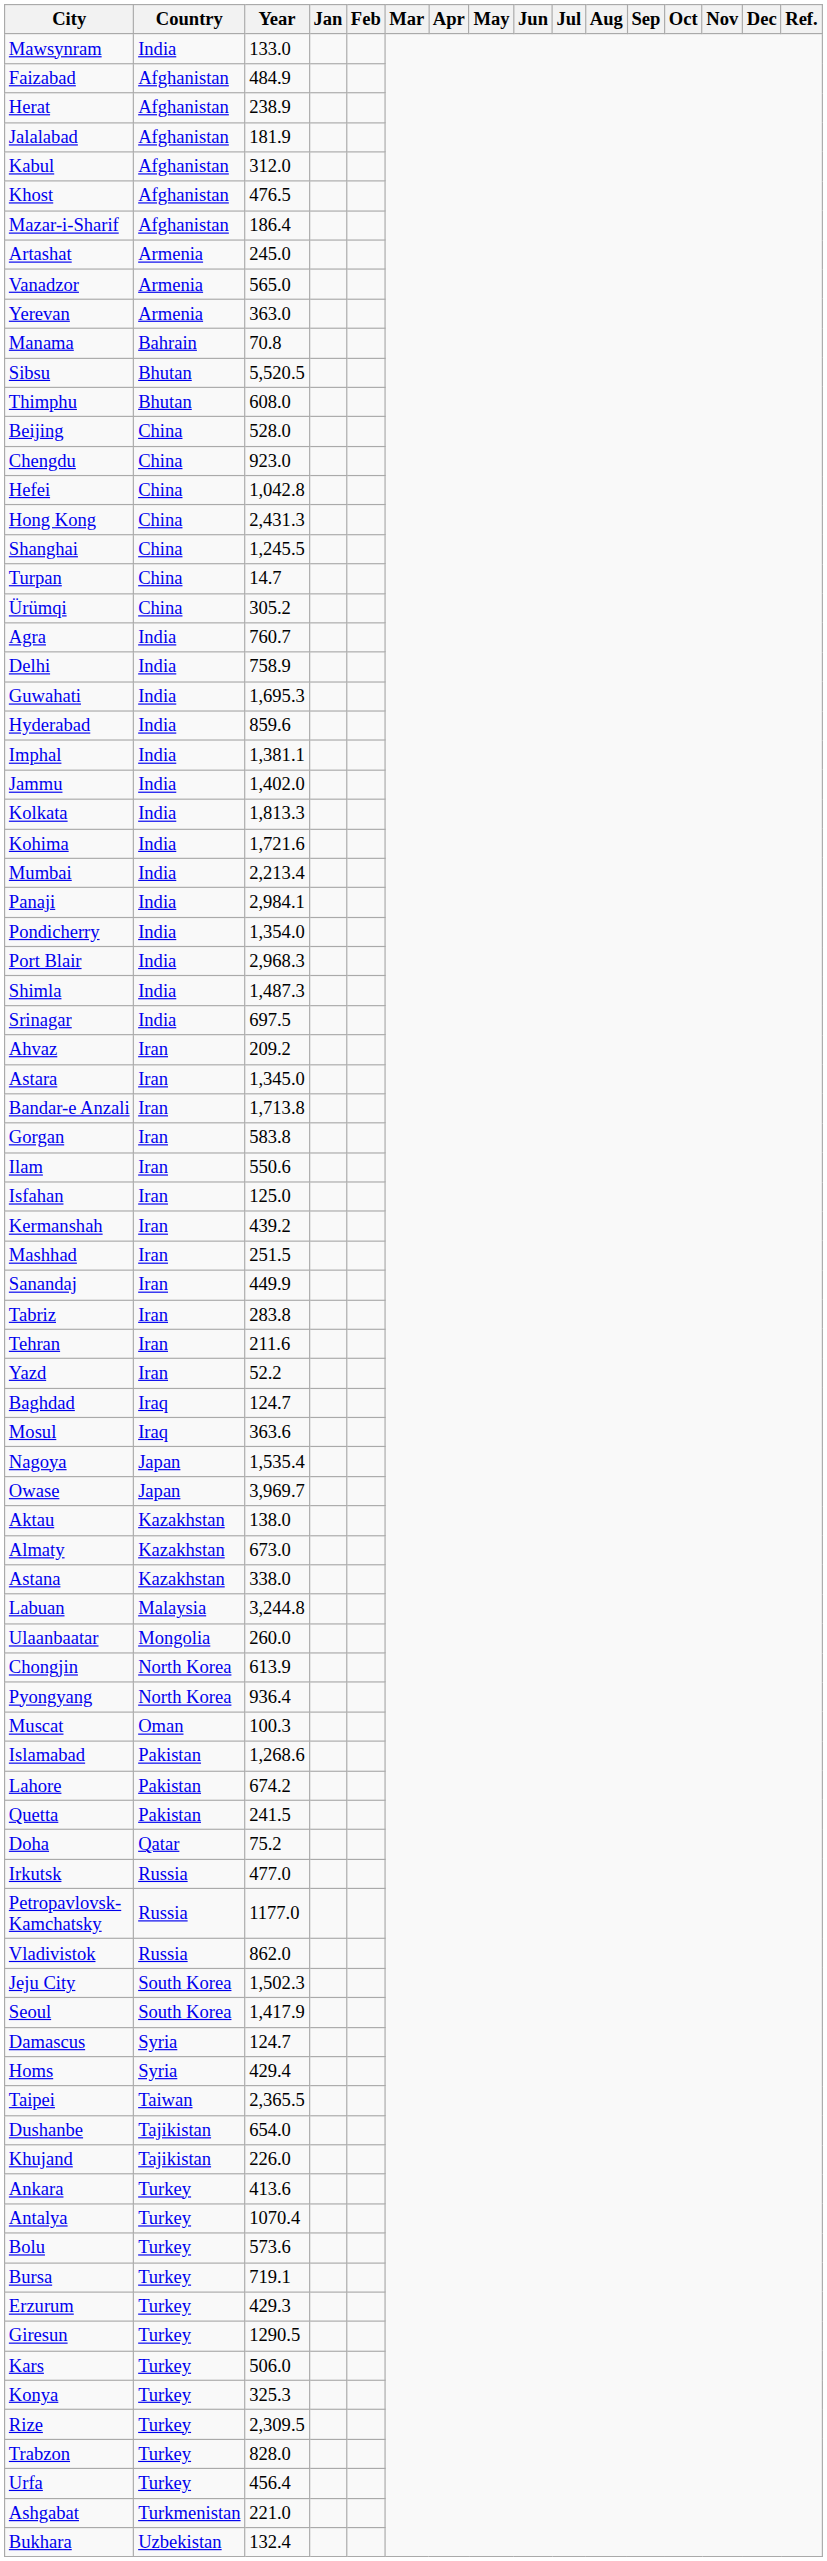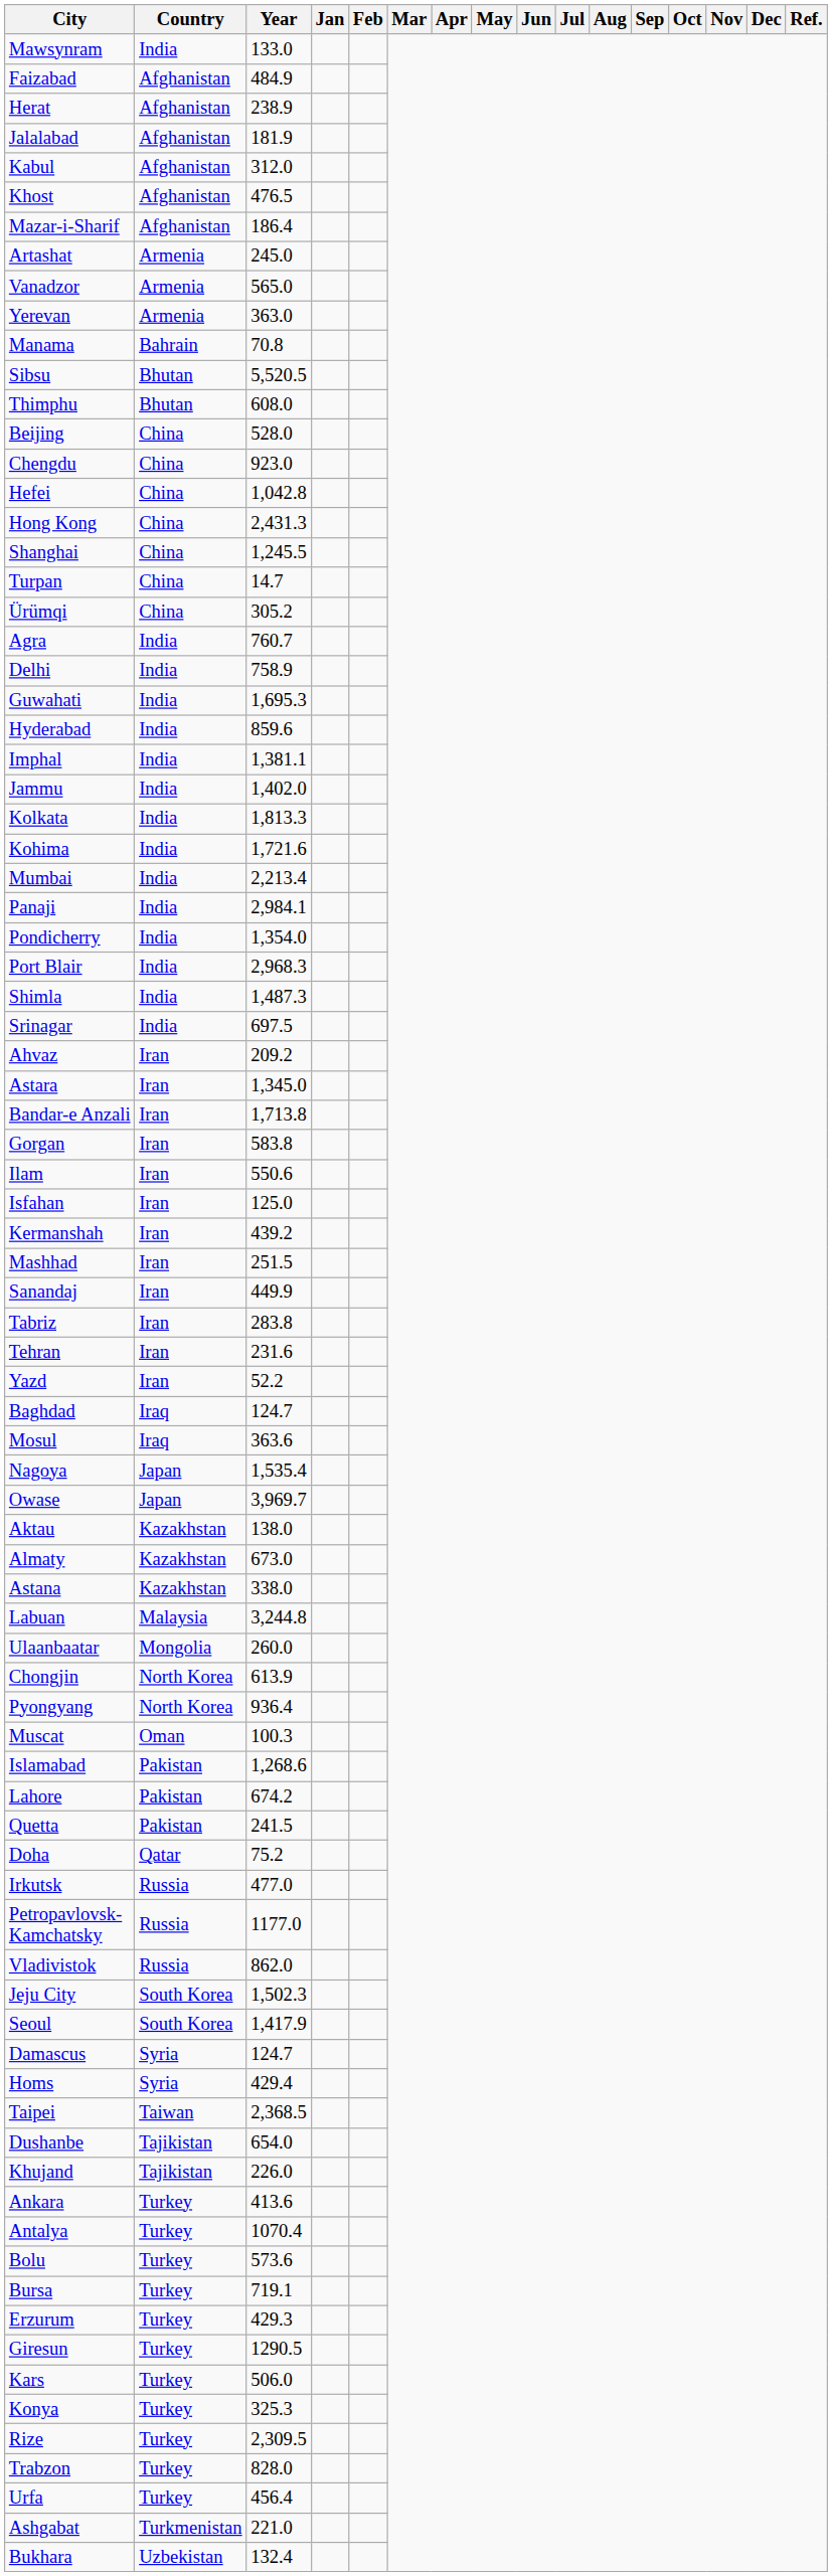 <table class="wikitable sortable sticky-header sort-under col1left col2left col16center" >
 <tr style="vertical-align:top">
 <th>City</th>
 <th>Country</th>
 <th>Year</th>
 <th>Jan</th>
 <th>Feb</th>
 <th>Mar</th>
 <th>Apr</th>
 <th>May</th>
 <th>Jun</th>
 <th>Jul</th>
 <th>Aug</th>
 <th>Sep</th>
 <th>Oct</th>
 <th>Nov</th>
 <th>Dec</th>
 <th>Ref.</th>
 </tr>
 <tr>
 <td><a href='#'>Mawsynram</a></td>
 <td><a href='#'>India</a></td>
 <td>133.0</td>
 <td></td>
 <td></td>
 </tr>
 <tr>
 <td><a href='#'>Faizabad</a></td>
 <td><a href='#'>Afghanistan</a></td>
 <td>484.9</td>
 <td></td>
 <td></td>
 </tr>
 <tr>
 <td><a href='#'>Herat</a></td>
 <td><a href='#'>Afghanistan</a></td>
 <td>238.9</td>
 <td></td>
 <td></td>
 </tr>
 <tr>
 <td><a href='#'>Jalalabad</a></td>
 <td><a href='#'>Afghanistan</a></td>
 <td>181.9</td>
 <td></td>
 <td></td>
 </tr>
 <tr>
 <td><a href='#'>Kabul</a></td>
 <td><a href='#'>Afghanistan</a></td>
 <td>312.0</td>
 <td></td>
 <td></td>
 </tr>
 <tr>
 <td><a href='#'>Khost</a></td>
 <td><a href='#'>Afghanistan</a></td>
 <td>476.5</td>
 <td></td>
 <td></td>
 </tr>
 <tr>
 <td><a href='#'>Mazar-i-Sharif</a></td>
 <td><a href='#'>Afghanistan</a></td>
 <td>186.4</td>
 <td></td>
 <td></td>
 </tr>
 <tr>
 <td><a href='#'>Artashat</a></td>
 <td><a href='#'>Armenia</a></td>
 <td>245.0</td>
 <td></td>
 <td></td>
 </tr>
 <tr>
 <td><a href='#'>Vanadzor</a></td>
 <td><a href='#'>Armenia</a></td>
 <td>565.0</td>
 <td></td>
 <td></td>
 </tr>
 <tr>
 <td><a href='#'>Yerevan</a></td>
 <td><a href='#'>Armenia</a></td>
 <td>363.0</td>
 <td></td>
 <td></td>
 </tr>
 <tr>
 <td><a href='#'>Manama</a></td>
 <td><a href='#'>Bahrain</a></td>
 <td>70.8</td>
 <td></td>
 <td></td>
 </tr>
 <tr>
 <td><a href='#'>Sibsu</a></td>
 <td><a href='#'>Bhutan</a></td>
 <td>5,520.5</td>
 <td></td>
 <td></td>
 </tr>
 <tr>
 <td><a href='#'>Thimphu</a></td>
 <td><a href='#'>Bhutan</a></td>
 <td>608.0</td>
 <td></td>
 <td></td>
 </tr>
 <tr>
 <td><a href='#'>Beijing</a></td>
 <td><a href='#'>China</a></td>
 <td>528.0</td>
 <td></td>
 <td></td>
 </tr>
 <tr>
 <td><a href='#'>Chengdu</a></td>
 <td><a href='#'>China</a></td>
 <td>923.0</td>
 <td></td>
 <td></td>
 </tr>
 <tr>
 <td><a href='#'>Hefei</a></td>
 <td><a href='#'>China</a></td>
 <td>1,042.8</td>
 <td></td>
 <td></td>
 </tr>
 <tr>
 <td><a href='#'>Hong Kong</a></td>
 <td><a href='#'>China</a></td>
 <td>2,431.3</td>
 <td></td>
 <td></td>
 </tr>
 <tr>
 <td><a href='#'>Shanghai</a></td>
 <td><a href='#'>China</a></td>
 <td>1,245.5</td>
 <td></td>
 <td></td>
 </tr>
 <tr>
 <td><a href='#'>Turpan</a></td>
 <td><a href='#'>China</a></td>
 <td>14.7</td>
 <td></td>
 <td></td>
 </tr>
 <tr>
 <td><a href='#'>Ürümqi</a></td>
 <td><a href='#'>China</a></td>
 <td>305.2</td>
 <td></td>
 <td></td>
 </tr>
 <tr>
 <td><a href='#'>Agra</a></td>
 <td><a href='#'>India</a></td>
 <td>760.7</td>
 <td></td>
 <td></td>
 </tr>
 <tr>
 <td><a href='#'>Delhi</a></td>
 <td><a href='#'>India</a></td>
 <td>758.9</td>
 <td></td>
 <td></td>
 </tr>
 <tr>
 <td><a href='#'>Guwahati</a></td>
 <td><a href='#'>India</a></td>
 <td>1,695.3</td>
 <td></td>
 <td></td>
 </tr>
 <tr>
 <td><a href='#'>Hyderabad</a></td>
 <td><a href='#'>India</a></td>
 <td>859.6</td>
 <td></td>
 <td></td>
 </tr>
 <tr>
 <td><a href='#'>Imphal</a></td>
 <td><a href='#'>India</a></td>
 <td>1,381.1</td>
 <td></td>
 <td></td>
 </tr>
 <tr>
 <td><a href='#'>Jammu</a></td>
 <td><a href='#'>India</a></td>
 <td>1,402.0</td>
 <td></td>
 <td></td>
 </tr>
 <tr>
 <td><a href='#'>Kolkata</a></td>
 <td><a href='#'>India</a></td>
 <td>1,813.3</td>
 <td></td>
 <td></td>
 </tr>
 <tr>
 <td><a href='#'>Kohima</a></td>
 <td><a href='#'>India</a></td>
 <td>1,721.6</td>
 <td></td>
 <td></td>
 </tr>
 <tr>
 <td><a href='#'>Mumbai</a></td>
 <td><a href='#'>India</a></td>
 <td>2,213.4</td>
 <td></td>
 <td></td>
 </tr>
 <tr>
 <td><a href='#'>Panaji</a></td>
 <td><a href='#'>India</a></td>
 <td>2,984.1</td>
 <td></td>
 <td></td>
 </tr>
 <tr>
 <td><a href='#'>Pondicherry</a></td>
 <td><a href='#'>India</a></td>
 <td>1,354.0</td>
 <td></td>
 <td></td>
 </tr>
 <tr>
 <td><a href='#'>Port Blair</a></td>
 <td><a href='#'>India</a></td>
 <td>2,968.3</td>
 <td></td>
 <td></td>
 </tr>
 <tr>
 <td><a href='#'>Shimla</a></td>
 <td><a href='#'>India</a></td>
 <td>1,487.3</td>
 <td></td>
 <td></td>
 </tr>
 <tr>
 <td><a href='#'>Srinagar</a></td>
 <td><a href='#'>India</a></td>
 <td>697.5</td>
 <td></td>
 <td></td>
 </tr>
 <tr>
 <td><a href='#'>Ahvaz</a></td>
 <td><a href='#'>Iran</a></td>
 <td>209.2</td>
 <td></td>
 <td></td>
 </tr>
 <tr>
 <td><a href='#'>Astara</a></td>
 <td><a href='#'>Iran</a></td>
 <td>1,345.0</td>
 <td></td>
 <td></td>
 </tr>
 <tr>
 <td><a href='#'>Bandar-e Anzali</a></td>
 <td><a href='#'>Iran</a></td>
 <td>1,713.8</td>
 <td></td>
 <td></td>
 </tr>
 <tr>
 <td><a href='#'>Gorgan</a></td>
 <td><a href='#'>Iran</a></td>
 <td>583.8</td>
 <td></td>
 <td></td>
 </tr>
 <tr>
 <td><a href='#'>Ilam</a></td>
 <td><a href='#'>Iran</a></td>
 <td>550.6</td>
 <td></td>
 <td></td>
 </tr>
 <tr>
 <td><a href='#'>Isfahan</a></td>
 <td><a href='#'>Iran</a></td>
 <td>125.0</td>
 <td></td>
 <td></td>
 </tr>
 <tr>
 <td><a href='#'>Kermanshah</a></td>
 <td><a href='#'>Iran</a></td>
 <td>439.2</td>
 <td></td>
 <td></td>
 </tr>
 <tr>
 <td><a href='#'>Mashhad</a></td>
 <td><a href='#'>Iran</a></td>
 <td>251.5</td>
 <td></td>
 <td></td>
 </tr>
 <tr>
 <td><a href='#'>Sanandaj</a></td>
 <td><a href='#'>Iran</a></td>
 <td>449.9</td>
 <td></td>
 <td></td>
 </tr>
 <tr>
 <td><a href='#'>Tabriz</a></td>
 <td><a href='#'>Iran</a></td>
 <td>283.8</td>
 <td></td>
 <td></td>
 </tr>
 <tr>
 <td><a href='#'>Tehran</a></td>
 <td><a href='#'>Iran</a></td>
-<td>211.6</td>
+<td>231.6</td>
 <td></td>
 <td></td>
 </tr>
 <tr>
 <td><a href='#'>Yazd</a></td>
 <td><a href='#'>Iran</a></td>
 <td>52.2</td>
 <td></td>
 <td></td>
 </tr>
 <tr>
 <td><a href='#'>Baghdad</a></td>
 <td><a href='#'>Iraq</a></td>
 <td>124.7</td>
 <td></td>
 <td></td>
 </tr>
 <tr>
 <td><a href='#'>Mosul</a></td>
 <td><a href='#'>Iraq</a></td>
 <td>363.6</td>
 <td></td>
 <td></td>
 </tr>
 <tr>
 <td><a href='#'>Nagoya</a></td>
 <td><a href='#'>Japan</a></td>
 <td>1,535.4</td>
 <td></td>
 <td></td>
 </tr>
 <tr>
 <td><a href='#'>Owase</a></td>
 <td><a href='#'>Japan</a></td>
 <td>3,969.7</td>
 <td></td>
 <td><br></td>
 </tr>
 <tr>
 <td><a href='#'>Aktau</a></td>
 <td><a href='#'>Kazakhstan</a></td>
 <td>138.0</td>
 <td></td>
 <td></td>
 </tr>
 <tr>
 <td><a href='#'>Almaty</a></td>
 <td><a href='#'>Kazakhstan</a></td>
 <td>673.0</td>
 <td></td>
 <td></td>
 </tr>
 <tr>
 <td><a href='#'>Astana</a></td>
 <td><a href='#'>Kazakhstan</a></td>
 <td>338.0</td>
 <td></td>
 <td></td>
 </tr>
 <tr>
 <td><a href='#'>Labuan</a></td>
 <td><a href='#'>Malaysia</a></td>
 <td>3,244.8</td>
 <td></td>
 <td></td>
 </tr>
 <tr>
 <td><a href='#'>Ulaanbaatar</a></td>
 <td><a href='#'>Mongolia</a></td>
 <td>260.0</td>
 <td></td>
 <td></td>
 </tr>
 <tr>
 <td><a href='#'>Chongjin</a></td>
 <td><a href='#'>North Korea</a></td>
 <td>613.9</td>
 <td></td>
 <td></td>
 </tr>
 <tr>
 <td><a href='#'>Pyongyang</a></td>
 <td><a href='#'>North Korea</a></td>
 <td>936.4</td>
 <td></td>
 <td></td>
 </tr>
 <tr>
 <td><a href='#'>Muscat</a></td>
 <td><a href='#'>Oman</a></td>
 <td>100.3</td>
 <td></td>
 <td></td>
 </tr>
 <tr>
 <td><a href='#'>Islamabad</a></td>
 <td><a href='#'>Pakistan</a></td>
 <td>1,268.6</td>
 <td></td>
 <td></td>
 </tr>
 <tr>
 <td><a href='#'>Lahore</a></td>
 <td><a href='#'>Pakistan</a></td>
 <td>674.2</td>
 <td></td>
 <td></td>
 </tr>
 <tr>
 <td><a href='#'>Quetta</a></td>
 <td><a href='#'>Pakistan</a></td>
 <td>241.5</td>
 <td></td>
 <td></td>
 </tr>
 <tr>
 <td><a href='#'>Doha</a></td>
 <td><a href='#'>Qatar</a></td>
 <td>75.2</td>
 <td></td>
 <td></td>
 </tr>
 <tr>
 <td><a href='#'>Irkutsk</a></td>
 <td><a href='#'>Russia</a></td>
 <td>477.0</td>
 <td></td>
 <td></td>
 </tr>
 <tr>
 <td><a href='#'>Petropavlovsk-<br>Kamchatsky</a></td>
 <td><a href='#'>Russia</a></td>
 <td>1177.0</td>
 <td></td>
 <td></td>
 </tr>
 <tr>
 <td><a href='#'>Vladivistok</a></td>
 <td><a href='#'>Russia</a></td>
 <td>862.0</td>
 <td></td>
 <td></td>
 </tr>
 <tr>
 <td><a href='#'>Jeju City</a></td>
 <td><a href='#'>South Korea</a></td>
 <td>1,502.3</td>
 <td></td>
 <td></td>
 </tr>
 <tr>
 <td><a href='#'>Seoul</a></td>
 <td><a href='#'>South Korea</a></td>
 <td>1,417.9</td>
 <td></td>
 <td></td>
 </tr>
 <tr>
 <td><a href='#'>Damascus</a></td>
 <td><a href='#'>Syria</a></td>
 <td>124.7</td>
 <td></td>
 <td></td>
 </tr>
 <tr>
 <td><a href='#'>Homs</a></td>
 <td><a href='#'>Syria</a></td>
 <td>429.4</td>
 <td></td>
 <td></td>
 </tr>
 <tr>
 <td><a href='#'>Taipei</a></td>
 <td><a href='#'>Taiwan</a></td>
-<td>2,365.5</td>
+<td>2,368.5</td>
 <td></td>
 <td></td>
 </tr>
 <tr>
 <td><a href='#'>Dushanbe</a></td>
 <td><a href='#'>Tajikistan</a></td>
 <td>654.0</td>
 <td></td>
 <td></td>
 </tr>
 <tr>
 <td><a href='#'>Khujand</a></td>
 <td><a href='#'>Tajikistan</a></td>
 <td>226.0</td>
 <td></td>
 <td></td>
 </tr>
 <tr>
 <td><a href='#'>Ankara</a></td>
 <td><a href='#'>Turkey</a></td>
 <td>413.6</td>
 <td></td>
 <td></td>
 </tr>
 <tr>
 <td><a href='#'>Antalya</a></td>
 <td><a href='#'>Turkey</a></td>
 <td>1070.4</td>
 <td></td>
 <td></td>
 </tr>
 <tr>
 <td><a href='#'>Bolu</a></td>
 <td><a href='#'>Turkey</a></td>
 <td>573.6</td>
 <td></td>
 <td></td>
 </tr>
 <tr>
 <td><a href='#'>Bursa</a></td>
 <td><a href='#'>Turkey</a></td>
 <td>719.1</td>
 <td></td>
 <td></td>
 </tr>
 <tr>
 <td><a href='#'>Erzurum</a></td>
 <td><a href='#'>Turkey</a></td>
 <td>429.3</td>
 <td></td>
 <td></td>
 </tr>
 <tr>
 <td><a href='#'>Giresun</a></td>
 <td><a href='#'>Turkey</a></td>
 <td>1290.5</td>
 <td></td>
 <td></td>
 </tr>
 <tr>
 <td><a href='#'>Kars</a></td>
 <td><a href='#'>Turkey</a></td>
 <td>506.0</td>
 <td></td>
 <td></td>
 </tr>
 <tr>
 <td><a href='#'>Konya</a></td>
 <td><a href='#'>Turkey</a></td>
 <td>325.3</td>
 <td></td>
 <td></td>
 </tr>
 <tr>
 <td><a href='#'>Rize</a></td>
 <td><a href='#'>Turkey</a></td>
 <td>2,309.5</td>
 <td></td>
 <td></td>
 </tr>
 <tr>
 <td><a href='#'>Trabzon</a></td>
 <td><a href='#'>Turkey</a></td>
 <td>828.0</td>
 <td></td>
 <td></td>
 </tr>
 <tr>
 <td><a href='#'>Urfa</a></td>
 <td><a href='#'>Turkey</a></td>
 <td>456.4</td>
 <td></td>
 <td></td>
 </tr>
 <tr>
 <td><a href='#'>Ashgabat</a></td>
 <td><a href='#'>Turkmenistan</a></td>
 <td>221.0</td>
 <td></td>
 <td></td>
 </tr>
 <tr>
 <td><a href='#'>Bukhara</a></td>
 <td><a href='#'>Uzbekistan</a></td>
 <td>132.4</td>
 <td></td>
 <td></td>
 </tr>
 </table>
